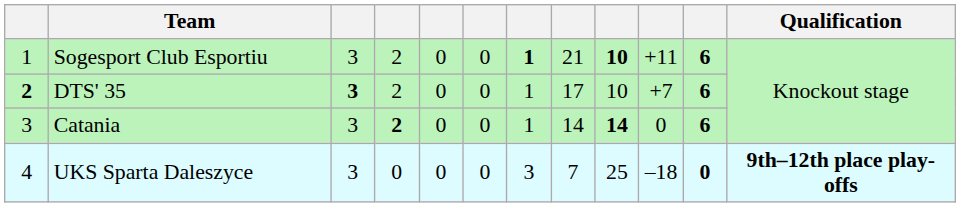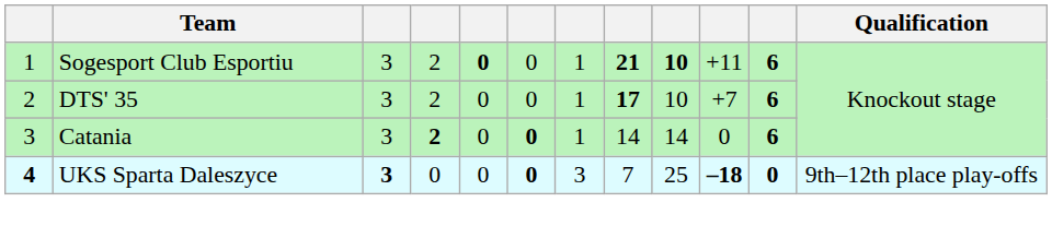 <table class="wikitable" style="font-size: 100%">
 <tr>
 <th width="25"></th>
 <th width="200">Team</th>
 <th width="25"></th>
 <th width="25"></th>
 <th width="25"></th>
 <th width="25"></th>
 <th width="25"></th>
 <th width="25"></th>
 <th width="25"></th>
 <th width="25"></th>
 <th width="25"></th>
 <th width="160">Qualification</th>
 </tr>
 <tr align=center bgcolor=#bbf3bb>
 <td>1</td>
 <td align=left> Sogesport Club Esportiu</td>
 <td>3</td>
 <td>2</td>
+<td><strong>0</strong></td>
 <td>0</td>
-<td>0</td>
-<td><strong>1</strong></td>
-<td>21</td>
+<td>1</td>
+<td><strong>21</strong></td>
 <td><strong>10</strong></td>
 <td>+11</td>
 <td><strong>6</strong></td>
 <td rowspan=3>Knockout stage</td>
 </tr>
 <tr align=center bgcolor=#bbf3bb>
-<td><strong>2</strong></td>
+<td>2</td>
 <td align=left> DTS' 35</td>
-<td><strong>3</strong></td>
+<td>3</td>
 <td>2</td>
 <td>0</td>
 <td>0</td>
 <td>1</td>
-<td>17</td>
+<td><strong>17</strong></td>
 <td>10</td>
 <td>+7</td>
 <td><strong>6</strong></td>
 </tr>
 <tr align=center bgcolor=#bbf3bb>
 <td>3</td>
 <td align=left> Catania</td>
 <td>3</td>
 <td><strong>2</strong></td>
 <td>0</td>
-<td>0</td>
+<td><strong>0</strong></td>
 <td>1</td>
 <td>14</td>
-<td><strong>14</strong></td>
+<td>14</td>
 <td>0</td>
 <td><strong>6</strong></td>
 </tr>
 <tr align=center bgcolor=#ddfcff>
-<td>4</td>
+<td><strong>4</strong></td>
 <td align=left> UKS Sparta Daleszyce</td>
-<td>3</td>
+<td><strong>3</strong></td>
 <td>0</td>
 <td>0</td>
-<td>0</td>
+<td><strong>0</strong></td>
 <td>3</td>
 <td>7</td>
 <td>25</td>
-<td>–18</td>
+<td><strong>–18</strong></td>
 <td><strong>0</strong></td>
-<td><strong>9th–12th place play-offs</strong></td>
+<td>9th–12th place play-offs</td>
 </tr>
 </table>
